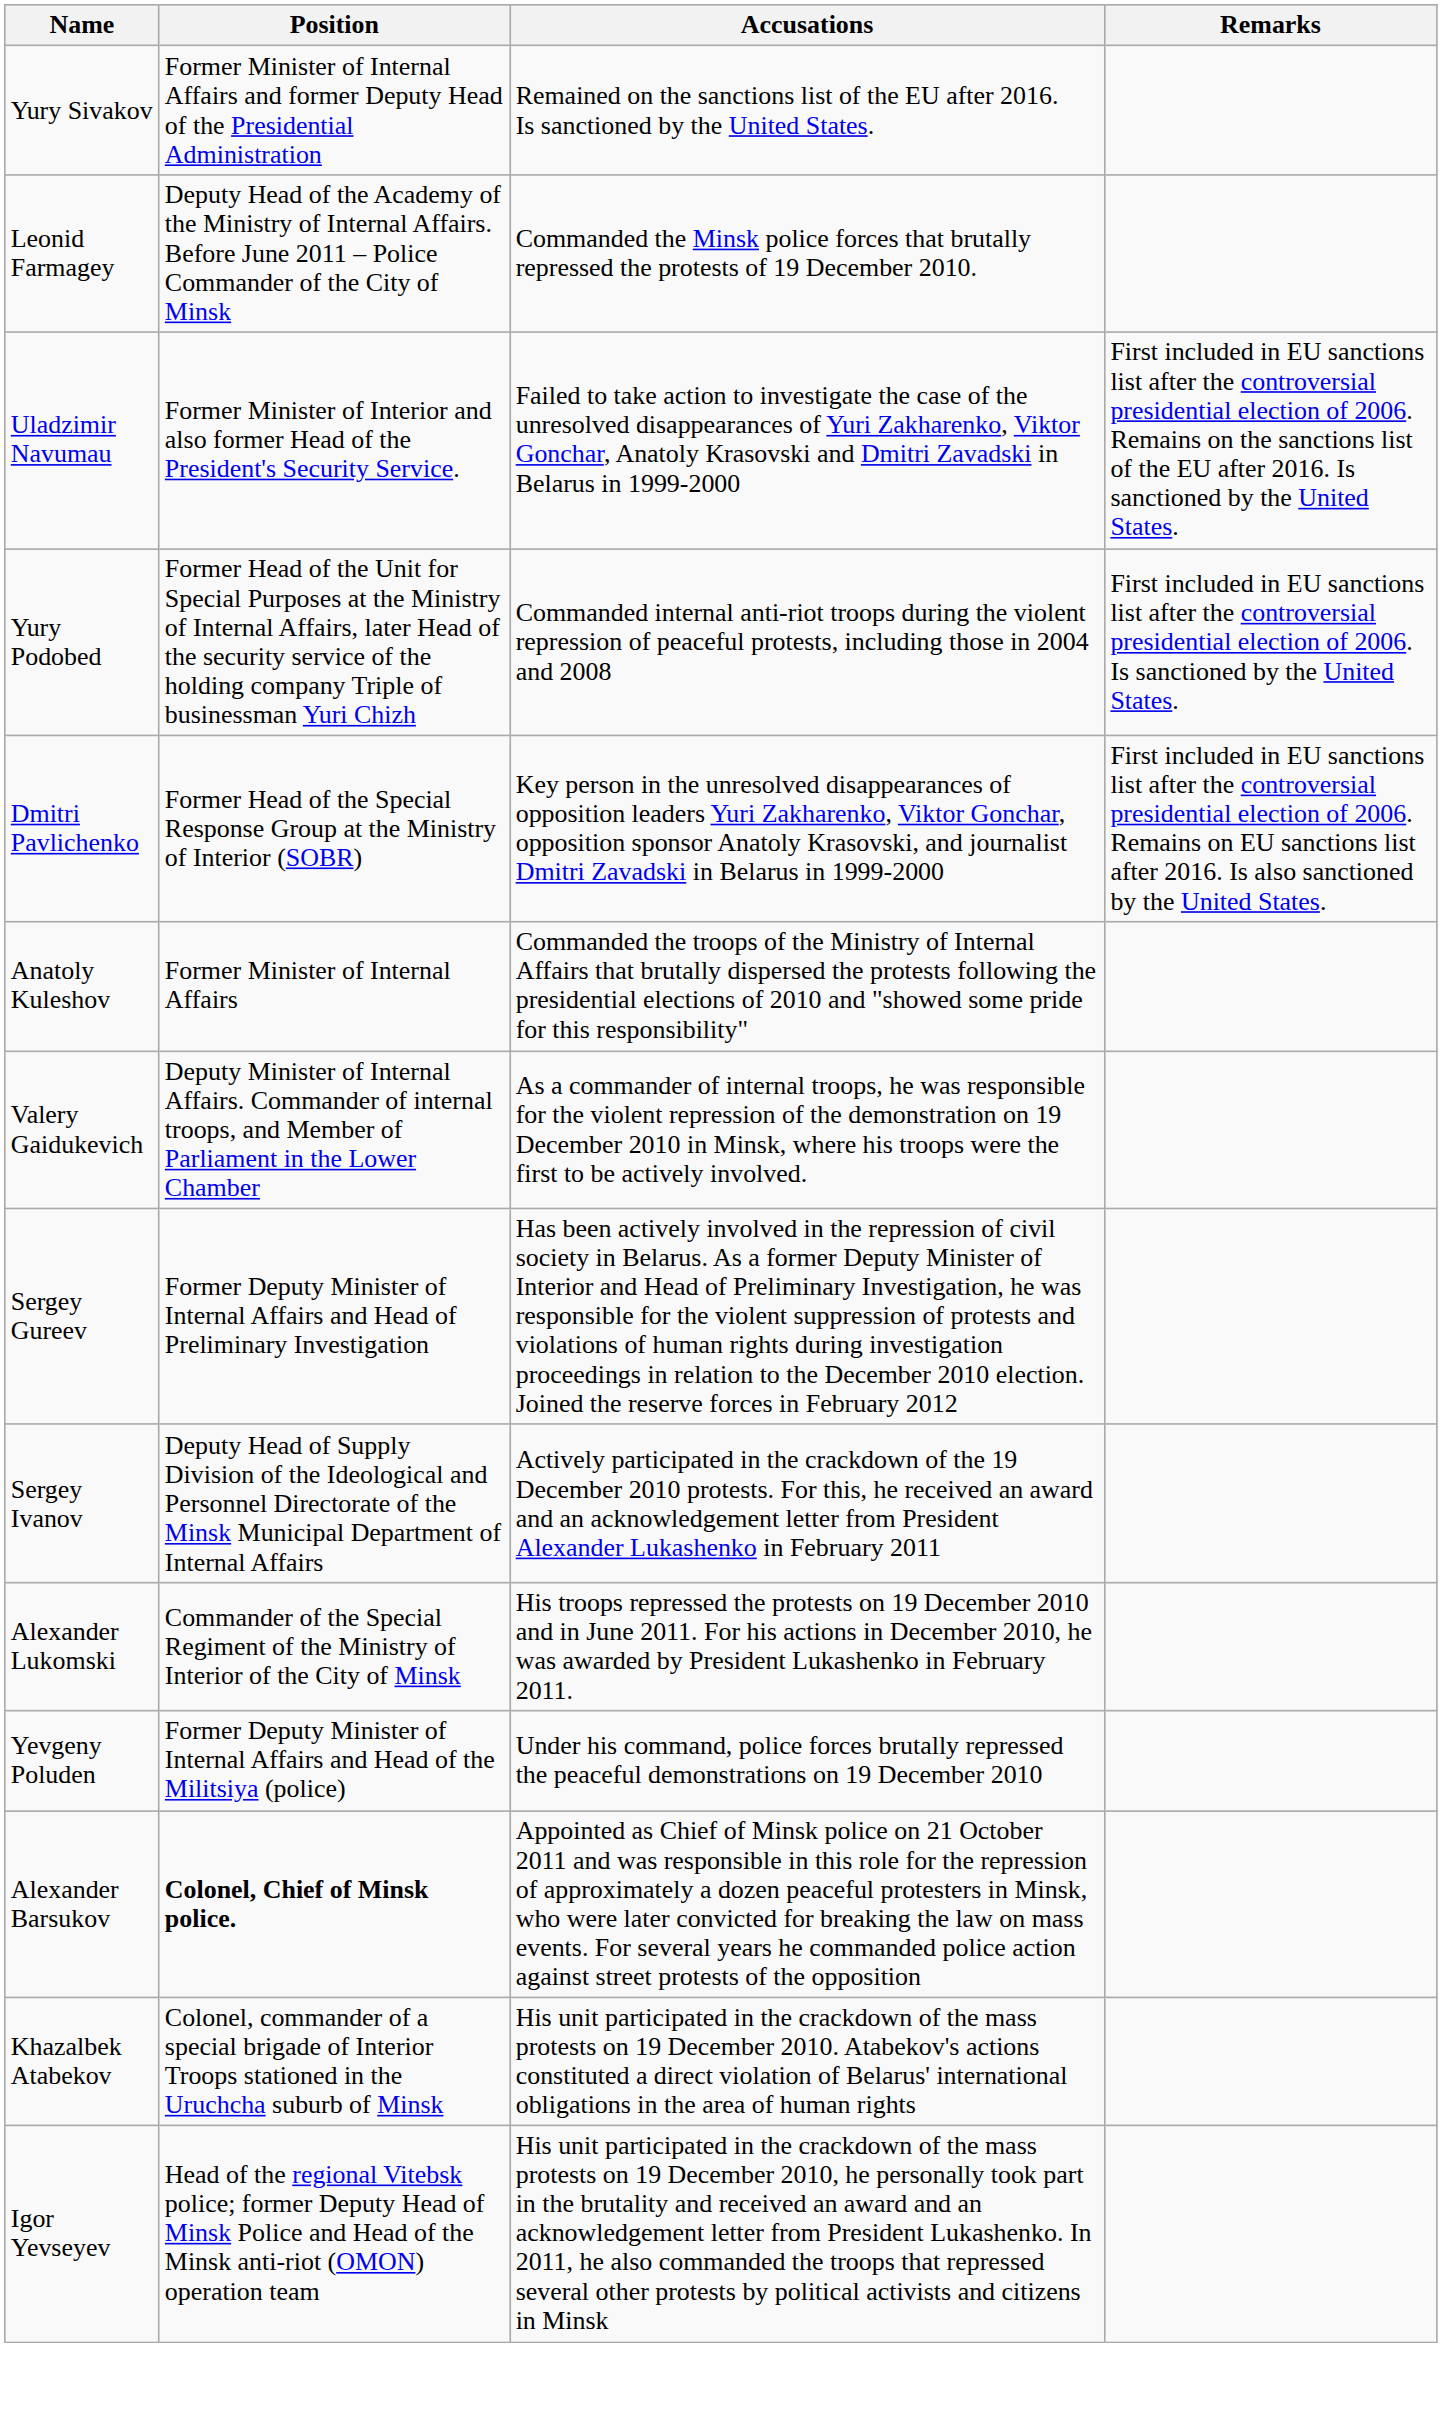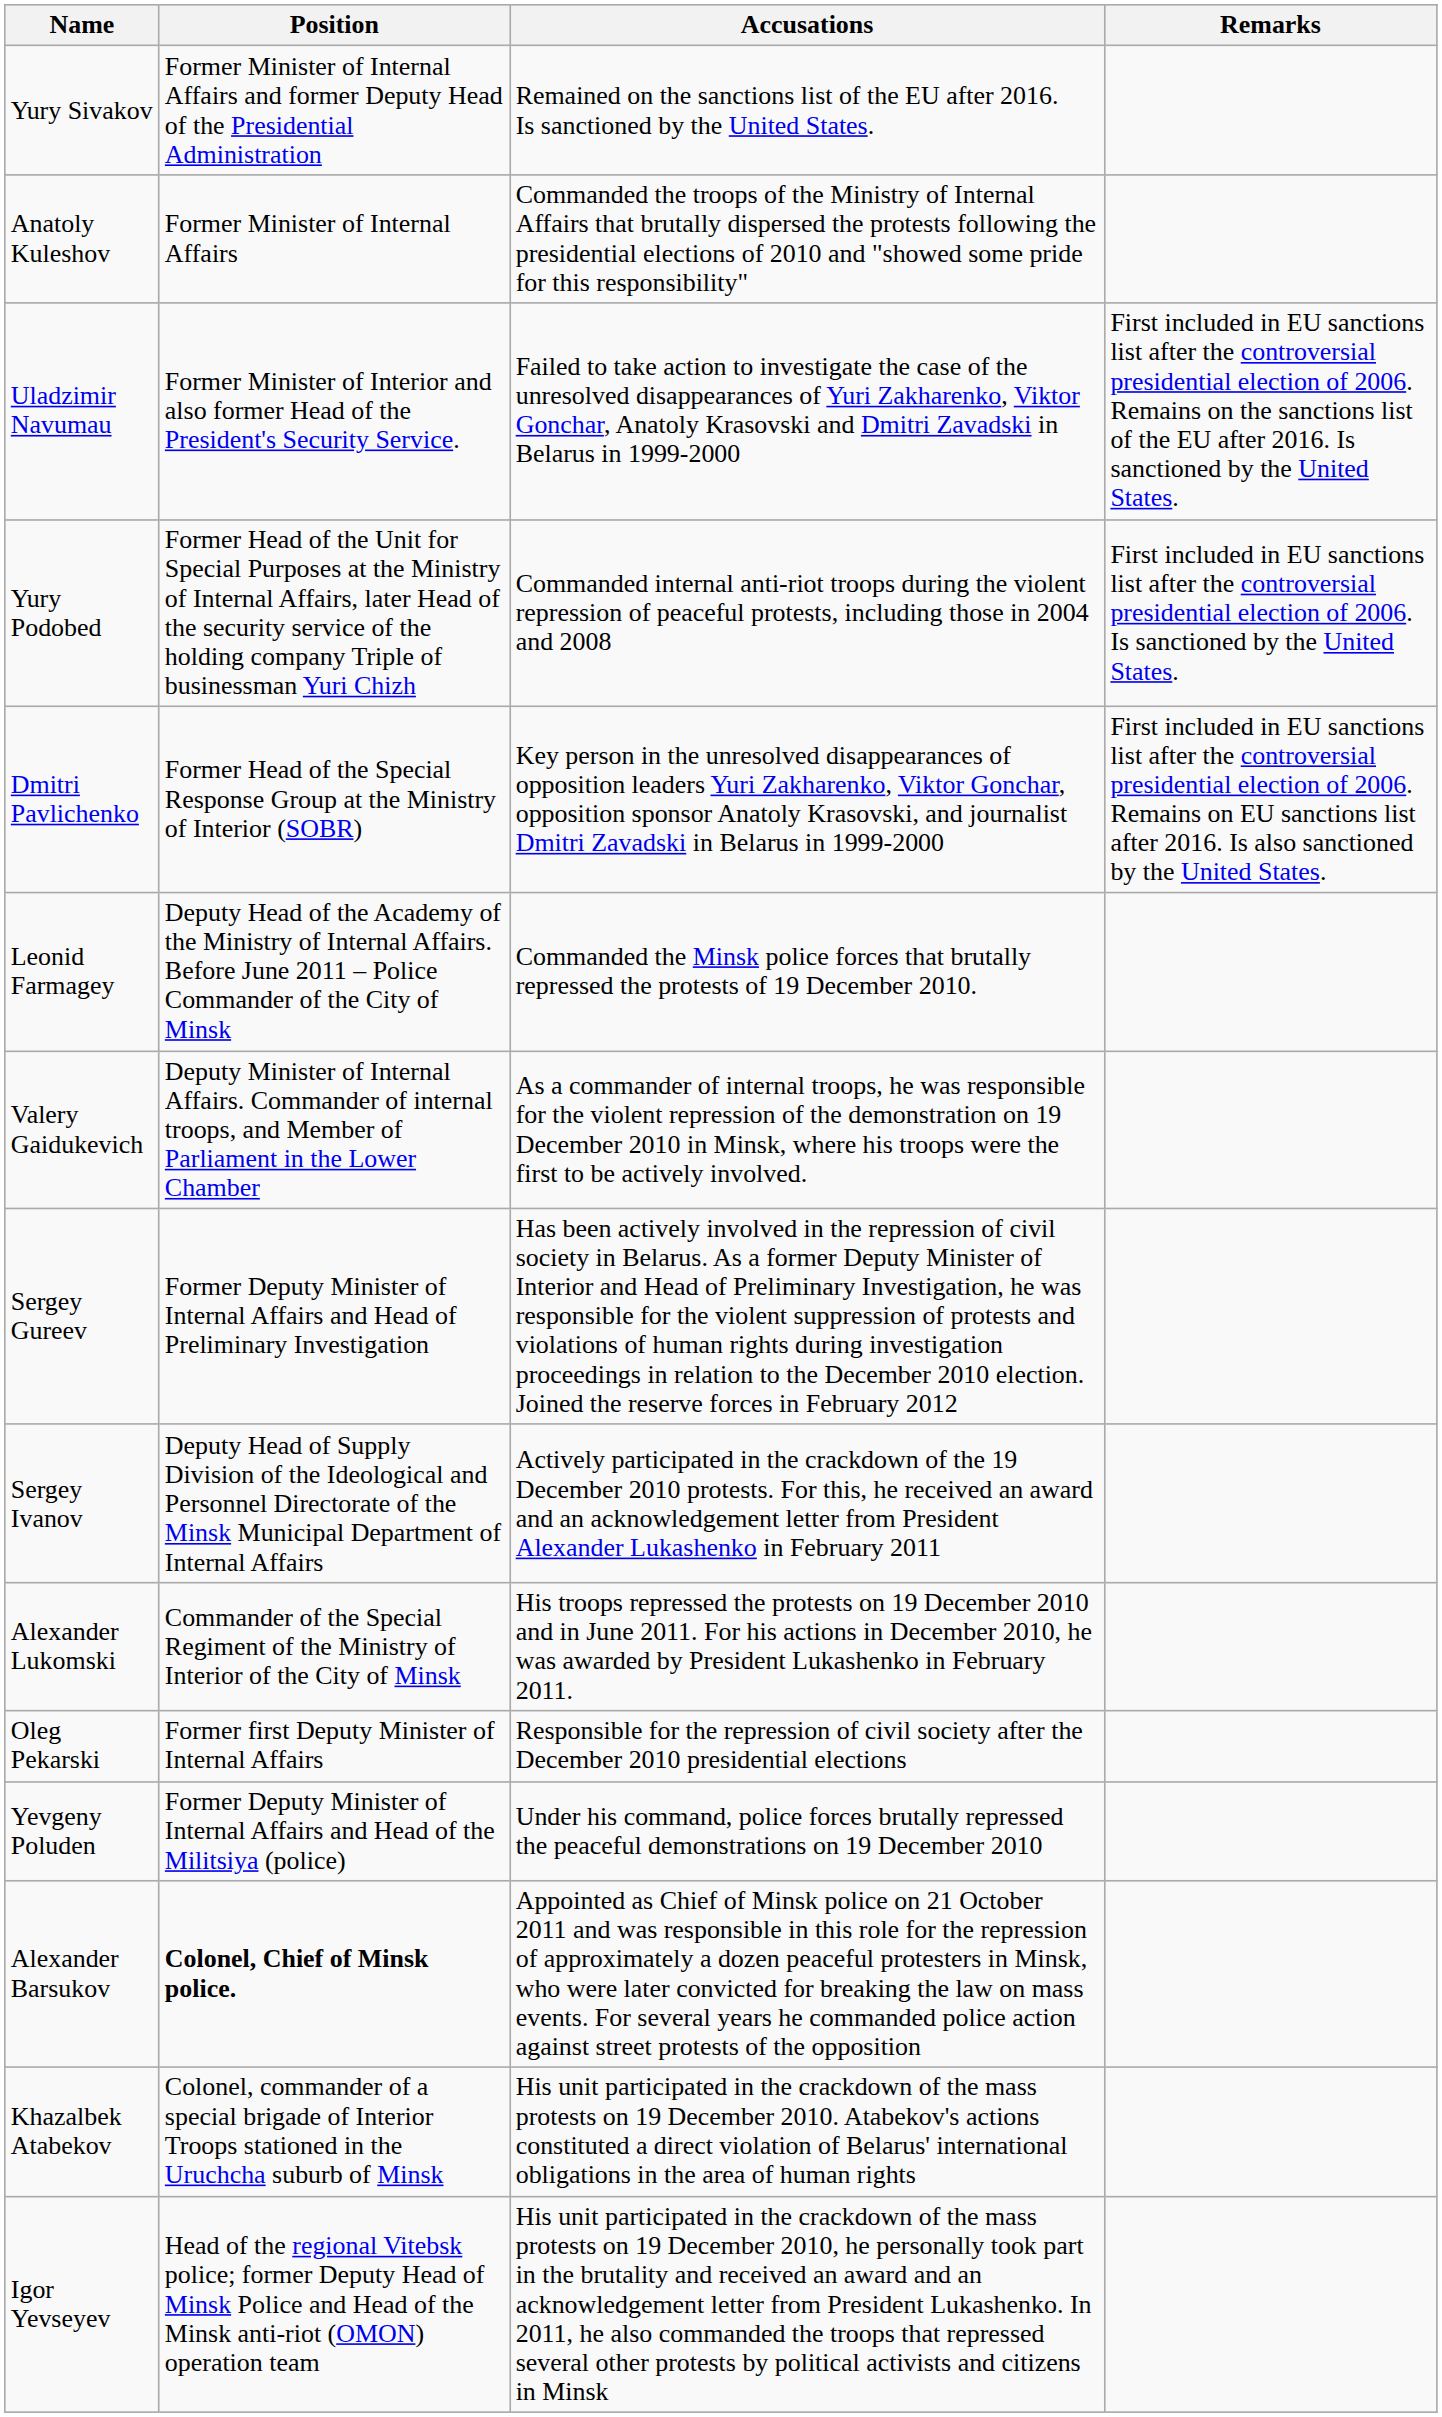 <table class="wikitable sortable" style="width: 70%">
 <tr>
 <th>Name</th>
 <th>Position</th>
 <th>Accusations</th>
 <th>Remarks</th>
 </tr>
 <tr>
 <td>Yury Sivakov</td>
 <td>Former Minister of Internal Affairs and former Deputy Head of the <a href='#'>Presidential Administration</a></td>
 <td Orchestrated the unresolved disappearances of Yuri Zakharenko, Viktor Gonchar, Anatoly Krasovski and Dmitri Zavadski in  Belarus in 1999-2000.>Remained on the sanctions list of the EU after 2016.<br>Is sanctioned by the <a href='#'>United States</a>.</td>
 <td></td>
 </tr>
 <tr>
-<td>Leonid Farmagey</td>
-<td>Deputy Head of the Academy of the Ministry of Internal Affairs. Before June 2011 – Police Commander of the City of <a href='#'>Minsk</a></td>
-<td>Commanded the <a href='#'>Minsk</a> police forces that brutally repressed the protests of 19 December 2010.</td>
+<td>Anatoly Kuleshov</td>
+<td>Former Minister of Internal Affairs</td>
+<td>Commanded the troops of the Ministry of Internal Affairs that brutally dispersed the protests following the presidential elections of 2010 and "showed some pride for this responsibility"</td>
 <td></td>
 </tr>
 <tr>
 <td><a href='#'>Uladzimir Navumau</a></td>
 <td>Former Minister of Interior and also former Head of the <a href='#'>President's Security Service</a>.</td>
 <td>Failed to take action to investigate the case  of the unresolved disappearances of <a href='#'>Yuri Zakharenko</a>, <a href='#'>Viktor Gonchar</a>, Anatoly  Krasovski and <a href='#'>Dmitri Zavadski</a> in Belarus in 1999-2000</td>
 <td>First included in EU sanctions list after the <a href='#'>controversial presidential election of 2006</a>. Remains on the sanctions list of the EU after 2016. Is sanctioned by the <a href='#'>United States</a>.</td>
 </tr>
 <tr>
 <td>Yury Podobed</td>
 <td>Former Head of the Unit for Special Purposes at the Ministry of Internal Affairs, later Head of the security service of the holding company Triple of businessman <a href='#'>Yuri Chizh</a></td>
 <td>Commanded internal anti-riot troops during the violent repression of peaceful protests, including those in 2004 and 2008</td>
 <td>First included in EU sanctions list after the <a href='#'>controversial presidential election of 2006</a>. Is sanctioned by the <a href='#'>United States</a>.</td>
 </tr>
 <tr>
 <td><a href='#'>Dmitri Pavlichenko</a></td>
 <td>Former Head of the Special Response Group at the Ministry of Interior (<a href='#'>SOBR</a>)</td>
 <td>Key person in the unresolved disappearances of opposition leaders <a href='#'>Yuri Zakharenko</a>, <a href='#'>Viktor Gonchar</a>, opposition sponsor Anatoly Krasovski, and journalist <a href='#'>Dmitri Zavadski</a> in  Belarus in 1999-2000</td>
 <td>First included in EU sanctions list after the <a href='#'>controversial presidential election of 2006</a>. Remains on EU sanctions list after 2016. Is also sanctioned by the <a href='#'>United States</a>.</td>
 </tr>
 <tr>
-<td>Anatoly Kuleshov</td>
-<td>Former Minister of Internal Affairs</td>
-<td>Commanded the troops of the Ministry of Internal Affairs that brutally dispersed the protests following the presidential elections of 2010 and "showed some pride for this responsibility"</td>
+<td>Leonid Farmagey</td>
+<td>Deputy Head of the Academy of the Ministry of Internal Affairs. Before June 2011 – Police Commander of the City of <a href='#'>Minsk</a></td>
+<td>Commanded the <a href='#'>Minsk</a> police forces that brutally repressed the protests of 19 December 2010.</td>
 <td></td>
 </tr>
 <tr>
 <td>Valery Gaidukevich</td>
 <td>Deputy Minister of Internal Affairs. Commander of  internal troops, and Member of <a href='#'>Parliament in the Lower Chamber</a></td>
 <td>As a commander of internal troops, he was responsible for the violent repression of the demonstration on 19 December 2010 in Minsk, where his troops were the first to be actively involved.</td>
 <td></td>
 </tr>
 <tr>
 <td>Sergey Gureev</td>
 <td>Former Deputy Minister of Internal Affairs and Head of Preliminary Investigation</td>
 <td>Has been actively involved in the repression of civil society in Belarus. As a former Deputy Minister of Interior and Head of Preliminary Investigation, he was responsible for the violent suppression  of protests and violations of human rights during investigation proceedings in relation to the December 2010 election. Joined the reserve forces in February 2012</td>
 <td></td>
 </tr>
 <tr>
 <td>Sergey Ivanov</td>
 <td>Deputy Head of Supply Division of the Ideological and Personnel Directorate of the <a href='#'>Minsk</a> Municipal Department of Internal Affairs</td>
 <td>Actively participated in the crackdown of the 19 December 2010 protests. For this, he received an award and an acknowledgement letter from President <a href='#'>Alexander Lukashenko</a> in February 2011</td>
 <td></td>
 </tr>
 <tr>
 <td>Alexander Lukomski</td>
 <td>Commander of the Special Regiment of the  Ministry of Interior of the City of <a href='#'>Minsk</a></td>
 <td>His troops repressed the protests on 19 December 2010 and in June 2011. For his actions in December 2010, he was awarded by President Lukashenko in February 2011.</td>
 <td></td>
 </tr>
 <tr>
+<td>Oleg Pekarski</td>
+<td>Former first Deputy Minister of Internal Affairs</td>
+<td>Responsible for the repression of civil society after the December 2010 presidential elections</td>
+<td></td>
+</tr>
+<tr>
 <td>Yevgeny Poluden</td>
 <td>Former Deputy Minister of Internal Affairs and Head of the <a href='#'>Militsiya</a> (police)</td>
 <td>Under his command, police forces brutally repressed the peaceful demonstrations on 19 December 2010</td>
 <td></td>
 </tr>
 <tr>
 <td>Alexander Barsukov</td>
 <td><strong>Colonel, Chief of Minsk police.</strong></td>
 <td>Appointed as Chief of Minsk police on 21 October 2011 and was responsible in this role for the repression of approximately a dozen peaceful protesters in Minsk, who were later convicted for breaking the law on mass events. For several years he commanded police action against street protests of the opposition</td>
 <td></td>
 </tr>
 <tr>
 <td>Khazalbek Atabekov</td>
 <td>Colonel, commander of a special brigade of Interior Troops stationed in the <a href='#'>Uruchcha</a> suburb of <a href='#'>Minsk</a></td>
 <td>His unit participated in the crackdown of the mass protests on 19 December 2010. Atabekov's actions constituted a direct violation of Belarus' international obligations in the area of human rights</td>
 <td></td>
 </tr>
 <tr>
 <td>Igor Yevseyev</td>
 <td>Head of the <a href='#'>regional Vitebsk</a> police; former Deputy Head of <a href='#'>Minsk</a> Police and Head of the Minsk anti-riot (<a href='#'>OMON</a>) operation  team</td>
 <td>His unit participated in the crackdown of the mass protests on 19 December 2010, he personally took part in the brutality and received an award and an acknowledgement letter from President Lukashenko. In 2011, he also commanded the troops that repressed several other protests by political activists and citizens in Minsk</td>
 <td></td>
 </tr>
 </table>
